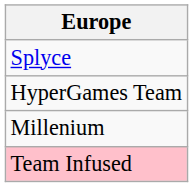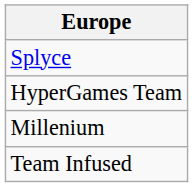 <table class="wikitable" style="display: inline-table; margin-left: 25px;">
 <tr>
 <th>Europe</th>
 </tr>
 <tr>
 <td><a href='#'>Splyce</a></td>
 </tr>
 <tr>
 <td>HyperGames Team</td>
 </tr>
 <tr>
 <td>Millenium</td>
 </tr>
 <tr>
-<td style="background: pink;">Team Infused</td>
+<td>Team Infused</td>
 </tr>
 </table>
